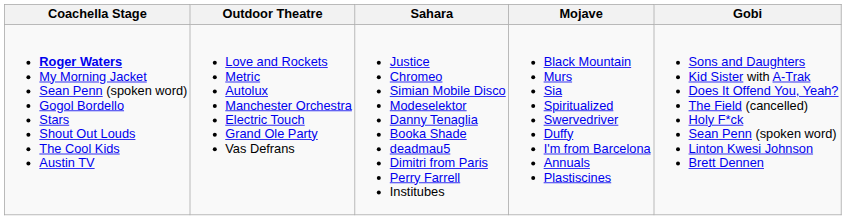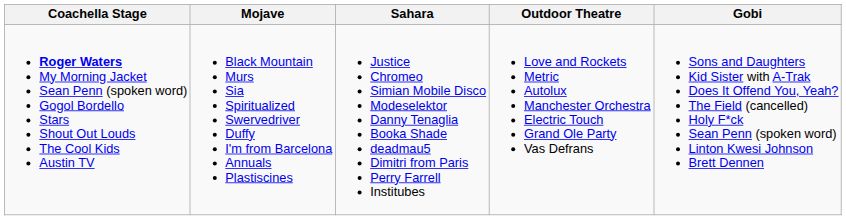 <table class="wikitable">
 <tr>
 <th>Coachella Stage</th>
+<th>Mojave</th>
+<th>Sahara</th>
 <th>Outdoor Theatre</th>
-<th>Sahara</th>
-<th>Mojave</th>
 <th>Gobi</th>
 </tr>
 <tr valign="top">
 <td><br><ul><li><strong><a href='#'>Roger Waters</a></strong></li><li><a href='#'>My Morning Jacket</a></li><li><a href='#'>Sean Penn</a> (spoken word)</li><li><a href='#'>Gogol Bordello</a></li><li><a href='#'>Stars</a></li><li><a href='#'>Shout Out Louds</a></li><li><a href='#'>The Cool Kids</a></li><li><a href='#'>Austin TV</a></li></ul></td>
+<td><br><ul><li><a href='#'>Black Mountain</a></li><li><a href='#'>Murs</a></li><li><a href='#'>Sia</a></li><li><a href='#'>Spiritualized</a></li><li><a href='#'>Swervedriver</a></li><li><a href='#'>Duffy</a></li><li><a href='#'>I'm from Barcelona</a></li><li><a href='#'>Annuals</a></li><li><a href='#'>Plastiscines</a></li></ul></td>
+<td><br><ul><li><a href='#'>Justice</a></li><li><a href='#'>Chromeo</a></li><li><a href='#'>Simian Mobile Disco</a></li><li><a href='#'>Modeselektor</a></li><li><a href='#'>Danny Tenaglia</a></li><li><a href='#'>Booka Shade</a></li><li><a href='#'>deadmau5</a></li><li><a href='#'>Dimitri from Paris</a></li><li><a href='#'>Perry Farrell</a></li><li>Institubes</li></ul></td>
 <td><br><ul><li><a href='#'>Love and Rockets</a></li><li><a href='#'>Metric</a></li><li><a href='#'>Autolux</a></li><li><a href='#'>Manchester Orchestra</a></li><li><a href='#'>Electric Touch</a></li><li><a href='#'>Grand Ole Party</a></li><li>Vas Defrans</li></ul></td>
-<td><br><ul><li><a href='#'>Justice</a></li><li><a href='#'>Chromeo</a></li><li><a href='#'>Simian Mobile Disco</a></li><li><a href='#'>Modeselektor</a></li><li><a href='#'>Danny Tenaglia</a></li><li><a href='#'>Booka Shade</a></li><li><a href='#'>deadmau5</a></li><li><a href='#'>Dimitri from Paris</a></li><li><a href='#'>Perry Farrell</a></li><li>Institubes</li></ul></td>
-<td><br><ul><li><a href='#'>Black Mountain</a></li><li><a href='#'>Murs</a></li><li><a href='#'>Sia</a></li><li><a href='#'>Spiritualized</a></li><li><a href='#'>Swervedriver</a></li><li><a href='#'>Duffy</a></li><li><a href='#'>I'm from Barcelona</a></li><li><a href='#'>Annuals</a></li><li><a href='#'>Plastiscines</a></li></ul></td>
 <td><br><ul><li><a href='#'>Sons and Daughters</a></li><li><a href='#'>Kid Sister</a> with <a href='#'>A-Trak</a></li><li><a href='#'>Does It Offend You, Yeah?</a></li><li><a href='#'>The Field</a> (cancelled)</li><li><a href='#'>Holy F*ck</a></li><li><a href='#'>Sean Penn</a> (spoken word)</li><li><a href='#'>Linton Kwesi Johnson</a></li><li><a href='#'>Brett Dennen</a></li></ul></td>
 </tr>
 </table>
